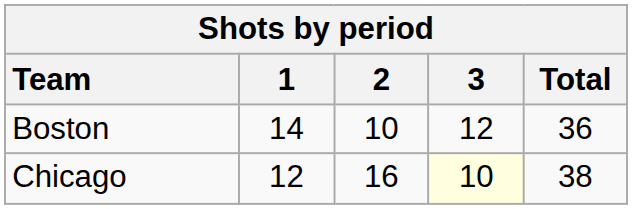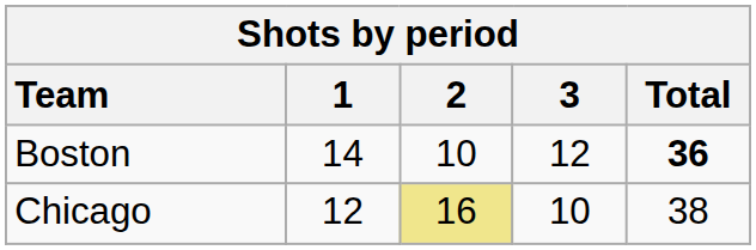 <table class="wikitable" style="width:20em; text-align:right;">
 <tr>
 <th colspan=6>Shots by period</th>
 </tr>
 <tr>
 <th style="width:8em; text-align:left;">Team</th>
 <th style="width:3em;">1</th>
 <th style="width:3em;">2</th>
 <th style="width:3em;">3</th>
 <th style="width:3em;">Total</th>
 </tr>
 <tr>
 <td style="text-align:left;">Boston</td>
 <td align=center>14</td>
 <td align=center>10</td>
 <td align=center>12</td>
-<td align=center>36</td>
+<td align=center><strong>36</strong></td>
 </tr>
 <tr>
 <td style="text-align:left;">Chicago</td>
 <td align=center>12</td>
-<td align=center>16</td>
-<td align=center style="background: lightyellow;">10</td>
+<td align=center style="background: khaki;">16</td>
+<td align=center>10</td>
 <td align=center>38</td>
 </tr>
 </table>
